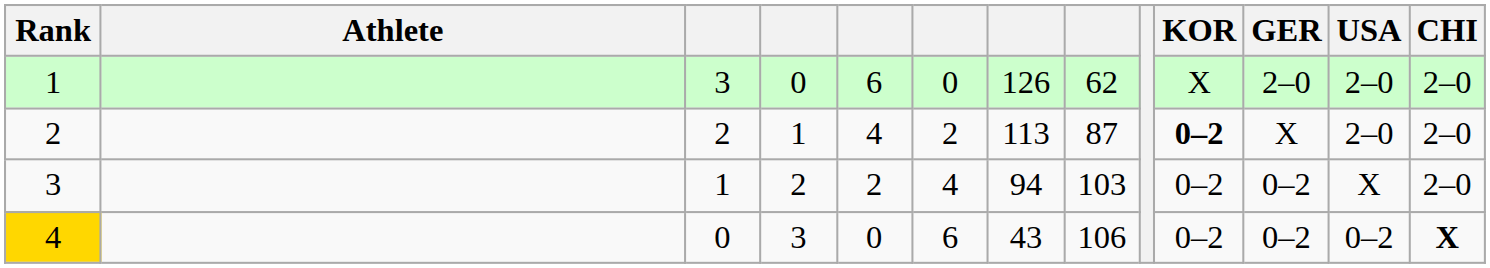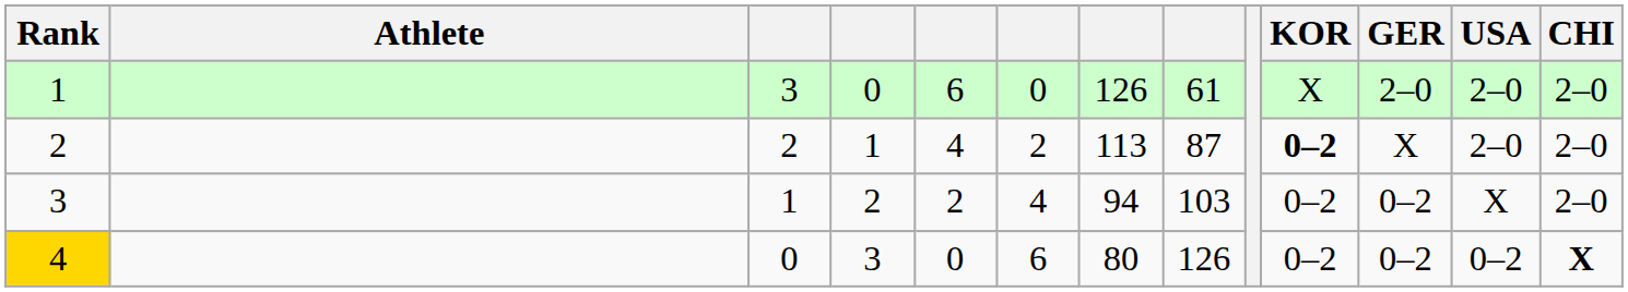 <table class="wikitable" style="text-align:center">
 <tr>
 <th width=40>Rank</th>
 <th width=280>Athlete</th>
 <th width=30></th>
 <th width=30></th>
 <th width=30></th>
 <th width=30></th>
 <th width=30></th>
 <th width=30></th>
 <th rowspan=5></th>
 <th width=30>KOR</th>
 <th width=30>GER</th>
 <th width=30>USA</th>
 <th width=30>CHI</th>
 </tr>
 <tr style="background-color:#ccffcc;">
 <td>1</td>
 <td align=left></td>
 <td>3</td>
 <td>0</td>
 <td>6</td>
 <td>0</td>
 <td>126</td>
-<td>62</td>
+<td>61</td>
 <td>X</td>
 <td>2–0</td>
 <td>2–0</td>
 <td>2–0</td>
 </tr>
 <tr>
 <td>2</td>
 <td align=left></td>
 <td>2</td>
 <td>1</td>
 <td>4</td>
 <td>2</td>
 <td>113</td>
 <td>87</td>
 <td><strong>0–2</strong></td>
 <td>X</td>
 <td>2–0</td>
 <td>2–0</td>
 </tr>
 <tr>
 <td>3</td>
 <td align=left></td>
 <td>1</td>
 <td>2</td>
 <td>2</td>
 <td>4</td>
 <td>94</td>
 <td>103</td>
 <td>0–2</td>
 <td>0–2</td>
 <td>X</td>
 <td>2–0</td>
 </tr>
 <tr>
 <td style="background: gold;">4</td>
 <td align=left></td>
 <td>0</td>
 <td>3</td>
 <td>0</td>
 <td>6</td>
-<td>43</td>
-<td>106</td>
+<td>80</td>
+<td>126</td>
 <td>0–2</td>
 <td>0–2</td>
 <td>0–2</td>
 <td><strong>X</strong></td>
 </tr>
 </table>
